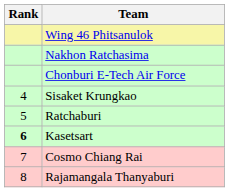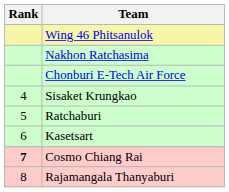 <table class="wikitable" style="text-align: center;">
 <tr>
 <th width=40>Rank</th>
 <th width=220>Team</th>
 </tr>
 <tr bgcolor=#F7f6a8>
 <td></td>
 <td align="left"><a href='#'>Wing 46 Phitsanulok</a></td>
 </tr>
 <tr bgcolor=#CCFFCC>
 <td></td>
 <td align="left"><a href='#'>Nakhon Ratchasima</a></td>
 </tr>
 <tr bgcolor=#CCFFCC>
 <td></td>
 <td align="left"><a href='#'>Chonburi E-Tech Air Force</a></td>
 </tr>
 <tr bgcolor=#CCFFCC>
 <td>4</td>
 <td align="left">Sisaket Krungkao</td>
 </tr>
 <tr bgcolor=#CCFFCC>
 <td>5</td>
 <td align="left">Ratchaburi</td>
 </tr>
 <tr bgcolor=#CCFFCC>
-<td><strong>6</strong></td>
+<td>6</td>
 <td align="left">Kasetsart</td>
 </tr>
 <tr bgcolor=#ffcccc>
-<td>7</td>
+<td><strong>7</strong></td>
 <td align="left">Cosmo Chiang Rai</td>
 </tr>
 <tr bgcolor=#ffcccc>
 <td>8</td>
 <td align="left">Rajamangala Thanyaburi</td>
 </tr>
 </table>
